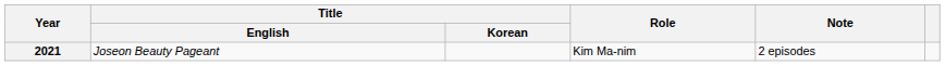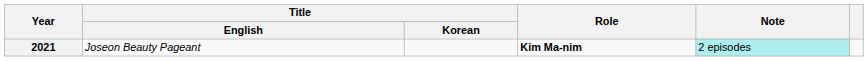 <table class="wikitable sortable plainrowheaders" style="clear:none; font-size:100%; padding:0 auto; width:100%; margin:auto">
 <tr>
 <th rowspan="2" scope="col">Year</th>
 <th colspan="2" scope="col">Title</th>
 <th rowspan="2" scope="col">Role</th>
 <th rowspan="2" scope="col" class="unsortable">Note</th>
 <th rowspan="2" scope="col" class="unsortable"></th>
 </tr>
 <tr>
 <th>English</th>
 <th>Korean</th>
 </tr>
 <tr>
 <th scope="row">2021</th>
 <td><em>Joseon Beauty Pageant</em></td>
 <td></td>
-<td>Kim Ma-nim</td>
-<td>2 episodes</td>
+<td><strong>Kim Ma-nim</strong></td>
+<td style="background: paleturquoise;">2 episodes</td>
 <td></td>
 </tr>
 </table>
